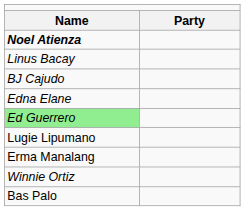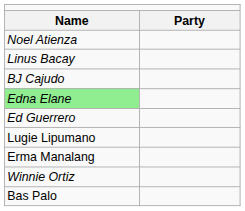 <table class=wikitable style="font-size:90%">
 <tr>
 <td colspan=4 bgcolor=></td>
 </tr>
 <tr>
 <th width=150px>Name</th>
 <th colspan=2 width=110px>Party</th>
 </tr>
 <tr>
-<td><strong><em>Noel Atienza</em></strong></td>
+<td><em>Noel Atienza</em></td>
 <td></td>
 </tr>
 <tr>
 <td><em>Linus Bacay</em></td>
 <td></td>
 </tr>
 <tr>
 <td><em>BJ Cajudo</em></td>
 <td></td>
 </tr>
 <tr>
-<td><em>Edna Elane</em></td>
+<td style="background: lightgreen;"><em>Edna Elane</em></td>
 <td></td>
 </tr>
 <tr>
-<td style="background: lightgreen;"><em>Ed Guerrero</em></td>
+<td><em>Ed Guerrero</em></td>
 <td></td>
 </tr>
 <tr>
 <td>Lugie Lipumano</td>
 <td></td>
 </tr>
 <tr>
 <td>Erma Manalang</td>
 <td></td>
 </tr>
 <tr>
 <td><em>Winnie Ortiz</em></td>
 <td></td>
 </tr>
 <tr>
 <td>Bas Palo</td>
 <td></td>
 </tr>
 </table>
